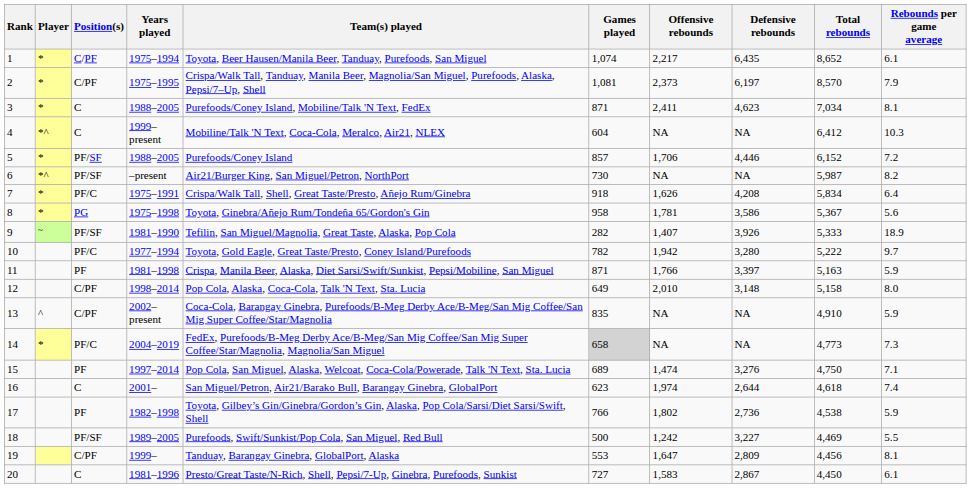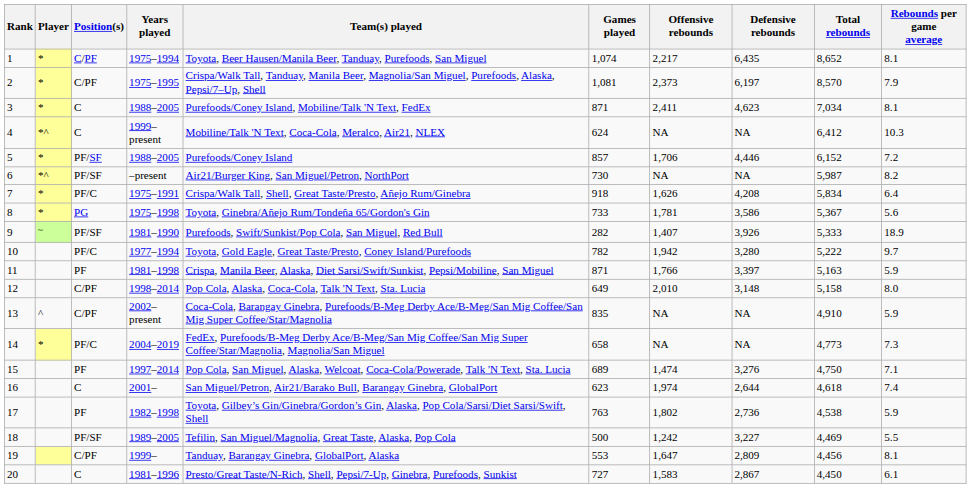 <table class="wikitable sortable" style="font-size: 90%;">
 <tr>
 <th>Rank</th>
 <th>Player</th>
 <th><a href='#'>Position</a>(s)</th>
 <th>Years played</th>
 <th class="unsortable">Team(s) played</th>
 <th>Games played</th>
 <th>Offensive rebounds</th>
 <th>Defensive rebounds</th>
 <th>Total <a href='#'>rebounds</a></th>
 <th><a href='#'>Rebounds</a> per game<br><a href='#'>average</a></th>
 </tr>
 <tr>
 <td>1</td>
 <td bgcolor="#FFFF99">*</td>
 <td><a href='#'>C</a>/<a href='#'>PF</a></td>
 <td><a href='#'>1975</a>–<a href='#'>1994</a></td>
 <td><a href='#'>Toyota</a>, <a href='#'>Beer Hausen/Manila Beer</a>, <a href='#'>Tanduay</a>, <a href='#'>Purefoods</a>, <a href='#'>San Miguel</a></td>
 <td>1,074</td>
 <td>2,217</td>
 <td>6,435</td>
 <td>8,652</td>
-<td>6.1</td>
+<td>8.1</td>
 </tr>
 <tr>
 <td>2</td>
 <td bgcolor="#FFFF99">*</td>
 <td>C/PF</td>
 <td><a href='#'>1975</a>–<a href='#'>1995</a></td>
 <td><a href='#'>Crispa/Walk Tall</a>, <a href='#'>Tanduay</a>, <a href='#'>Manila Beer</a>, <a href='#'>Magnolia/San Miguel</a>, <a href='#'>Purefoods</a>, <a href='#'>Alaska</a>, <a href='#'>Pepsi/7–Up</a>, <a href='#'>Shell</a></td>
 <td>1,081</td>
 <td>2,373</td>
 <td>6,197</td>
 <td>8,570</td>
 <td>7.9</td>
 </tr>
 <tr>
 <td>3</td>
 <td bgcolor="#FFFF99">*</td>
 <td>C</td>
 <td><a href='#'>1988</a>–<a href='#'>2005</a></td>
 <td><a href='#'>Purefoods/Coney Island</a>, <a href='#'>Mobiline/Talk 'N Text</a>, <a href='#'>FedEx</a></td>
 <td>871</td>
 <td>2,411</td>
 <td>4,623</td>
 <td>7,034</td>
 <td>8.1</td>
 </tr>
 <tr>
 <td>4</td>
 <td style="background:#FFFF99"><em></em>*^</td>
 <td>C</td>
 <td><a href='#'>1999</a>–present</td>
 <td><a href='#'>Mobiline/Talk 'N Text</a>, <a href='#'>Coca-Cola</a>, <a href='#'>Meralco</a>, <a href='#'>Air21</a>, <a href='#'>NLEX</a></td>
-<td>604</td>
+<td>624</td>
 <td>NA</td>
 <td>NA</td>
 <td>6,412</td>
 <td>10.3</td>
 </tr>
 <tr>
 <td>5</td>
 <td bgcolor="#FFFF99">*</td>
 <td>PF/<a href='#'>SF</a></td>
 <td><a href='#'>1988</a>–<a href='#'>2005</a></td>
 <td><a href='#'>Purefoods/Coney Island</a></td>
 <td>857</td>
 <td>1,706</td>
 <td>4,446</td>
 <td>6,152</td>
 <td>7.2</td>
 </tr>
 <tr>
 <td>6</td>
 <td style="background:#FFFF99"><em></em>*^</td>
 <td>PF/SF</td>
 <td>–present</td>
 <td><a href='#'>Air21/Burger King</a>, <a href='#'>San Miguel/Petron</a>, <a href='#'>NorthPort</a></td>
 <td>730</td>
 <td>NA</td>
 <td>NA</td>
 <td>5,987</td>
 <td>8.2</td>
 </tr>
 <tr>
 <td>7</td>
 <td bgcolor="#FFFF99">*</td>
 <td>PF/C</td>
 <td><a href='#'>1975</a>–<a href='#'>1991</a></td>
 <td><a href='#'>Crispa/Walk Tall</a>, <a href='#'>Shell</a>, <a href='#'>Great Taste/Presto</a>, <a href='#'>Añejo Rum/Ginebra</a></td>
 <td>918</td>
 <td>1,626</td>
 <td>4,208</td>
 <td>5,834</td>
 <td>6.4</td>
 </tr>
 <tr>
 <td>8</td>
 <td bgcolor="#FFFF99">*</td>
 <td><a href='#'>PG</a></td>
 <td><a href='#'>1975</a>–<a href='#'>1998</a></td>
 <td><a href='#'>Toyota</a>, <a href='#'>Ginebra/Añejo Rum/Tondeña 65/Gordon's Gin</a></td>
-<td>958</td>
+<td>733</td>
 <td>1,781</td>
 <td>3,586</td>
 <td>5,367</td>
 <td>5.6</td>
 </tr>
 <tr>
 <td>9</td>
 <td bgcolor="#CCFF99"><sup>~</sup></td>
 <td>PF/SF</td>
 <td><a href='#'>1981</a>–<a href='#'>1990</a></td>
-<td><a href='#'>Tefilin</a>, <a href='#'>San Miguel/Magnolia</a>, <a href='#'>Great Taste</a>, <a href='#'>Alaska</a>, <a href='#'>Pop Cola</a></td>
+<td><a href='#'>Purefoods</a>, <a href='#'>Swift/Sunkist/Pop Cola</a>, <a href='#'>San Miguel</a>, <a href='#'>Red Bull</a></td>
 <td>282</td>
 <td>1,407</td>
 <td>3,926</td>
 <td>5,333</td>
 <td>18.9</td>
 </tr>
 <tr>
 <td>10</td>
 <td></td>
 <td>PF/C</td>
 <td><a href='#'>1977</a>–<a href='#'>1994</a></td>
 <td><a href='#'>Toyota</a>, <a href='#'>Gold Eagle</a>, <a href='#'>Great Taste/Presto</a>, <a href='#'>Coney Island/Purefoods</a></td>
 <td>782</td>
 <td>1,942</td>
 <td>3,280</td>
 <td>5,222</td>
 <td>9.7</td>
 </tr>
 <tr>
 <td>11</td>
 <td></td>
 <td>PF</td>
 <td><a href='#'>1981</a>–<a href='#'>1998</a></td>
 <td><a href='#'>Crispa</a>, <a href='#'>Manila Beer</a>, <a href='#'>Alaska</a>, <a href='#'>Diet Sarsi/Swift/Sunkist</a>, <a href='#'>Pepsi/Mobiline</a>, <a href='#'>San Miguel</a></td>
 <td>871</td>
 <td>1,766</td>
 <td>3,397</td>
 <td>5,163</td>
 <td>5.9</td>
 </tr>
 <tr>
 <td>12</td>
 <td></td>
 <td>C/PF</td>
 <td><a href='#'>1998</a>–<a href='#'>2014</a></td>
 <td><a href='#'>Pop Cola</a>, <a href='#'>Alaska</a>, <a href='#'>Coca-Cola</a>, <a href='#'>Talk 'N Text</a>, <a href='#'>Sta. Lucia</a></td>
 <td>649</td>
 <td>2,010</td>
 <td>3,148</td>
 <td>5,158</td>
 <td>8.0</td>
 </tr>
 <tr>
 <td>13</td>
 <td><em></em>^</td>
 <td>C/PF</td>
 <td><a href='#'>2002</a>–present</td>
 <td><a href='#'>Coca-Cola</a>, <a href='#'>Barangay Ginebra</a>, <a href='#'>Purefoods/B-Meg Derby Ace/B-Meg/San Mig Coffee/San Mig Super Coffee/Star/Magnolia</a></td>
 <td>835</td>
 <td>NA</td>
 <td>NA</td>
 <td>4,910</td>
 <td>5.9</td>
 </tr>
 <tr>
 <td>14</td>
 <td style="background:#FFFF99">*</td>
 <td>PF/C</td>
 <td><a href='#'>2004</a>–<a href='#'>2019</a></td>
 <td><a href='#'>FedEx</a>, <a href='#'>Purefoods/B-Meg Derby Ace/B-Meg/San Mig Coffee/San Mig Super Coffee/Star/Magnolia</a>, <a href='#'>Magnolia/San Miguel</a></td>
-<td style="background: lightgrey;">658</td>
+<td>658</td>
 <td>NA</td>
 <td>NA</td>
 <td>4,773</td>
 <td>7.3</td>
 </tr>
 <tr>
 <td>15</td>
 <td></td>
 <td>PF</td>
 <td><a href='#'>1997</a>–<a href='#'>2014</a></td>
 <td><a href='#'>Pop Cola</a>, <a href='#'>San Miguel</a>,  <a href='#'>Alaska</a>, <a href='#'>Welcoat</a>, <a href='#'>Coca-Cola/Powerade</a>, <a href='#'>Talk 'N Text</a>, <a href='#'>Sta. Lucia</a></td>
 <td>689</td>
 <td>1,474</td>
 <td>3,276</td>
 <td>4,750</td>
 <td>7.1</td>
 </tr>
 <tr>
 <td>16</td>
 <td></td>
 <td>C</td>
 <td><a href='#'>2001</a>–</td>
 <td><a href='#'>San Miguel/Petron</a>, <a href='#'>Air21/Barako Bull</a>, <a href='#'>Barangay Ginebra</a>, <a href='#'>GlobalPort</a></td>
 <td>623</td>
 <td>1,974</td>
 <td>2,644</td>
 <td>4,618</td>
 <td>7.4</td>
 </tr>
 <tr>
 <td>17</td>
 <td></td>
 <td>PF</td>
 <td><a href='#'>1982</a>–<a href='#'>1998</a></td>
 <td><a href='#'>Toyota</a>, <a href='#'>Gilbey’s Gin/Ginebra/Gordon’s Gin</a>, <a href='#'>Alaska</a>, <a href='#'>Pop Cola/Sarsi/Diet Sarsi/Swift</a>, <a href='#'>Shell</a></td>
-<td>766</td>
+<td>763</td>
 <td>1,802</td>
 <td>2,736</td>
 <td>4,538</td>
 <td>5.9</td>
 </tr>
 <tr>
 <td>18</td>
 <td></td>
 <td>PF/SF</td>
 <td><a href='#'>1989</a>–<a href='#'>2005</a></td>
-<td><a href='#'>Purefoods</a>, <a href='#'>Swift/Sunkist/Pop Cola</a>, <a href='#'>San Miguel</a>, <a href='#'>Red Bull</a></td>
+<td><a href='#'>Tefilin</a>, <a href='#'>San Miguel/Magnolia</a>, <a href='#'>Great Taste</a>, <a href='#'>Alaska</a>, <a href='#'>Pop Cola</a></td>
 <td>500</td>
 <td>1,242</td>
 <td>3,227</td>
 <td>4,469</td>
 <td>5.5</td>
 </tr>
 <tr>
 <td>19</td>
 <td style="background:#FFFF99"></td>
 <td>C/PF</td>
 <td><a href='#'>1999</a>–</td>
 <td><a href='#'>Tanduay</a>, <a href='#'>Barangay Ginebra</a>, <a href='#'>GlobalPort</a>, <a href='#'>Alaska</a></td>
 <td>553</td>
 <td>1,647</td>
 <td>2,809</td>
 <td>4,456</td>
 <td>8.1</td>
 </tr>
 <tr>
 <td>20</td>
 <td></td>
 <td>C</td>
 <td><a href='#'>1981</a>–<a href='#'>1996</a></td>
 <td><a href='#'>Presto/Great Taste/N-Rich</a>, <a href='#'>Shell</a>, <a href='#'>Pepsi/7-Up</a>, <a href='#'>Ginebra</a>, <a href='#'>Purefoods</a>, <a href='#'>Sunkist</a></td>
 <td>727</td>
 <td>1,583</td>
 <td>2,867</td>
 <td>4,450</td>
 <td>6.1</td>
 </tr>
 </table>
